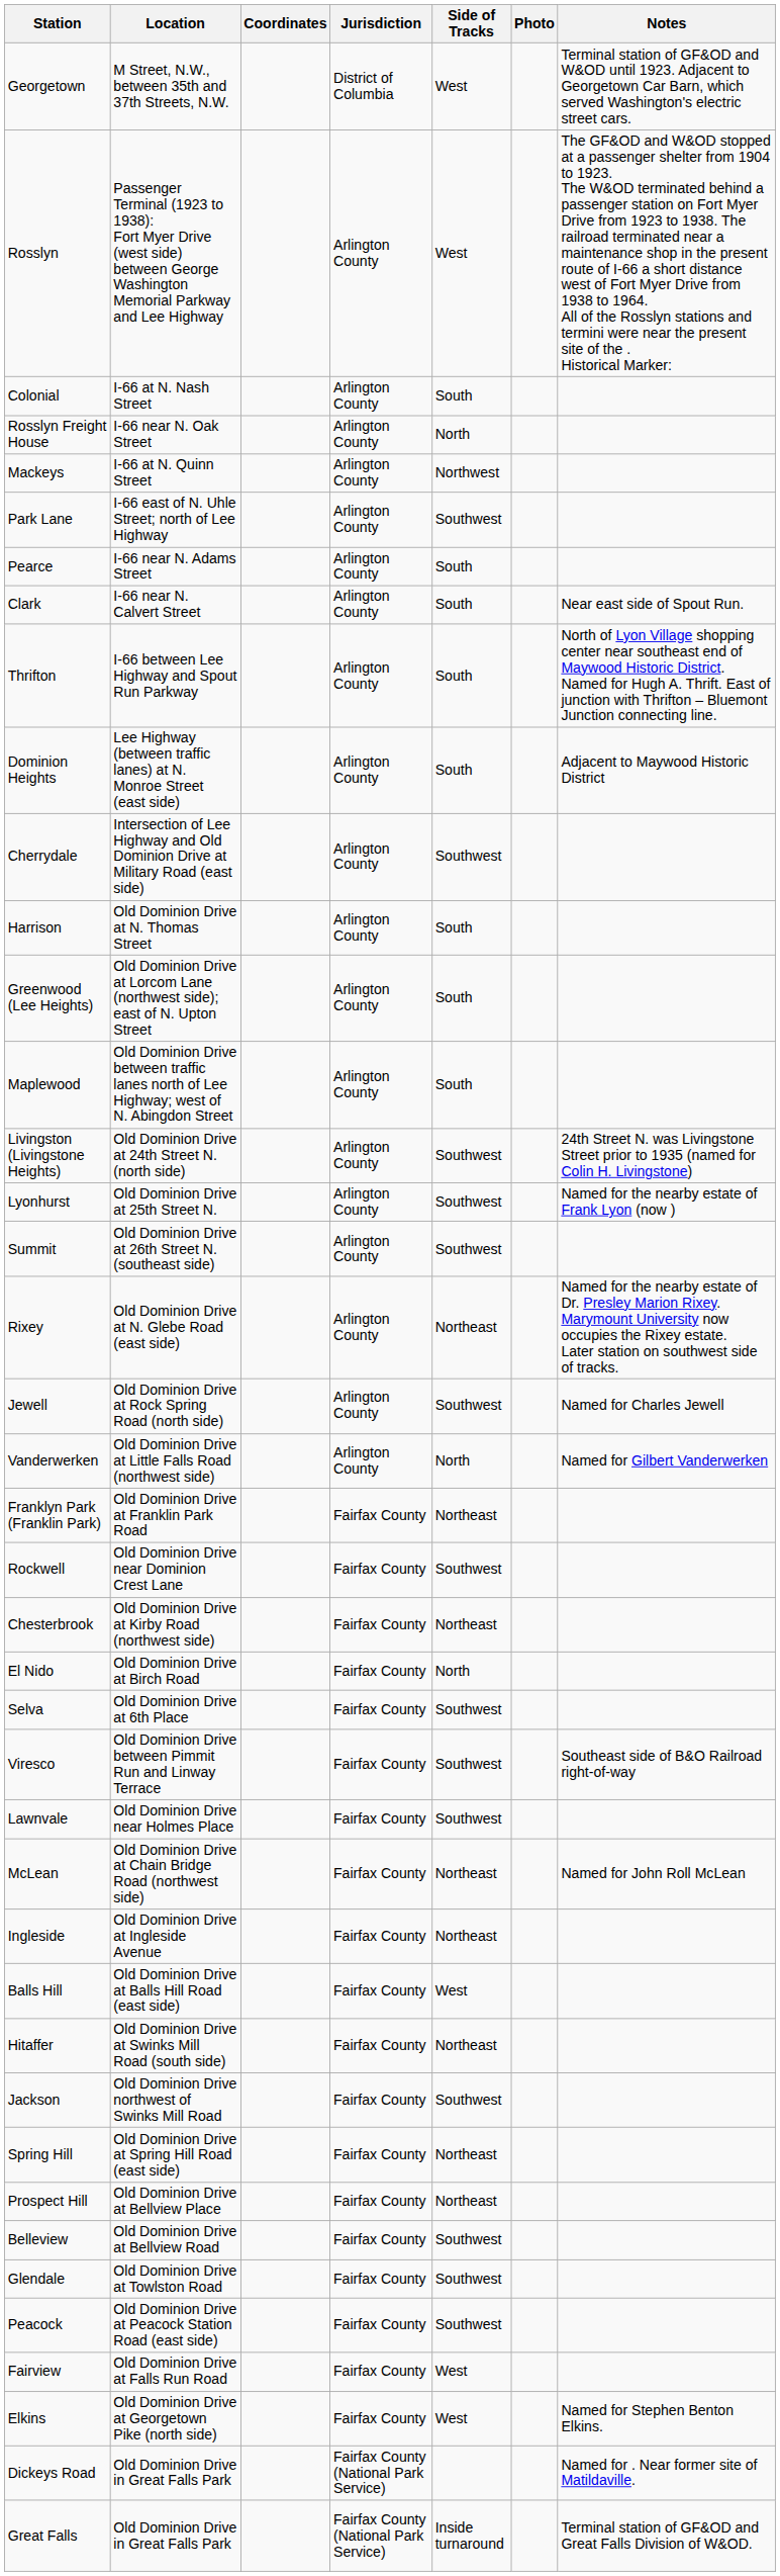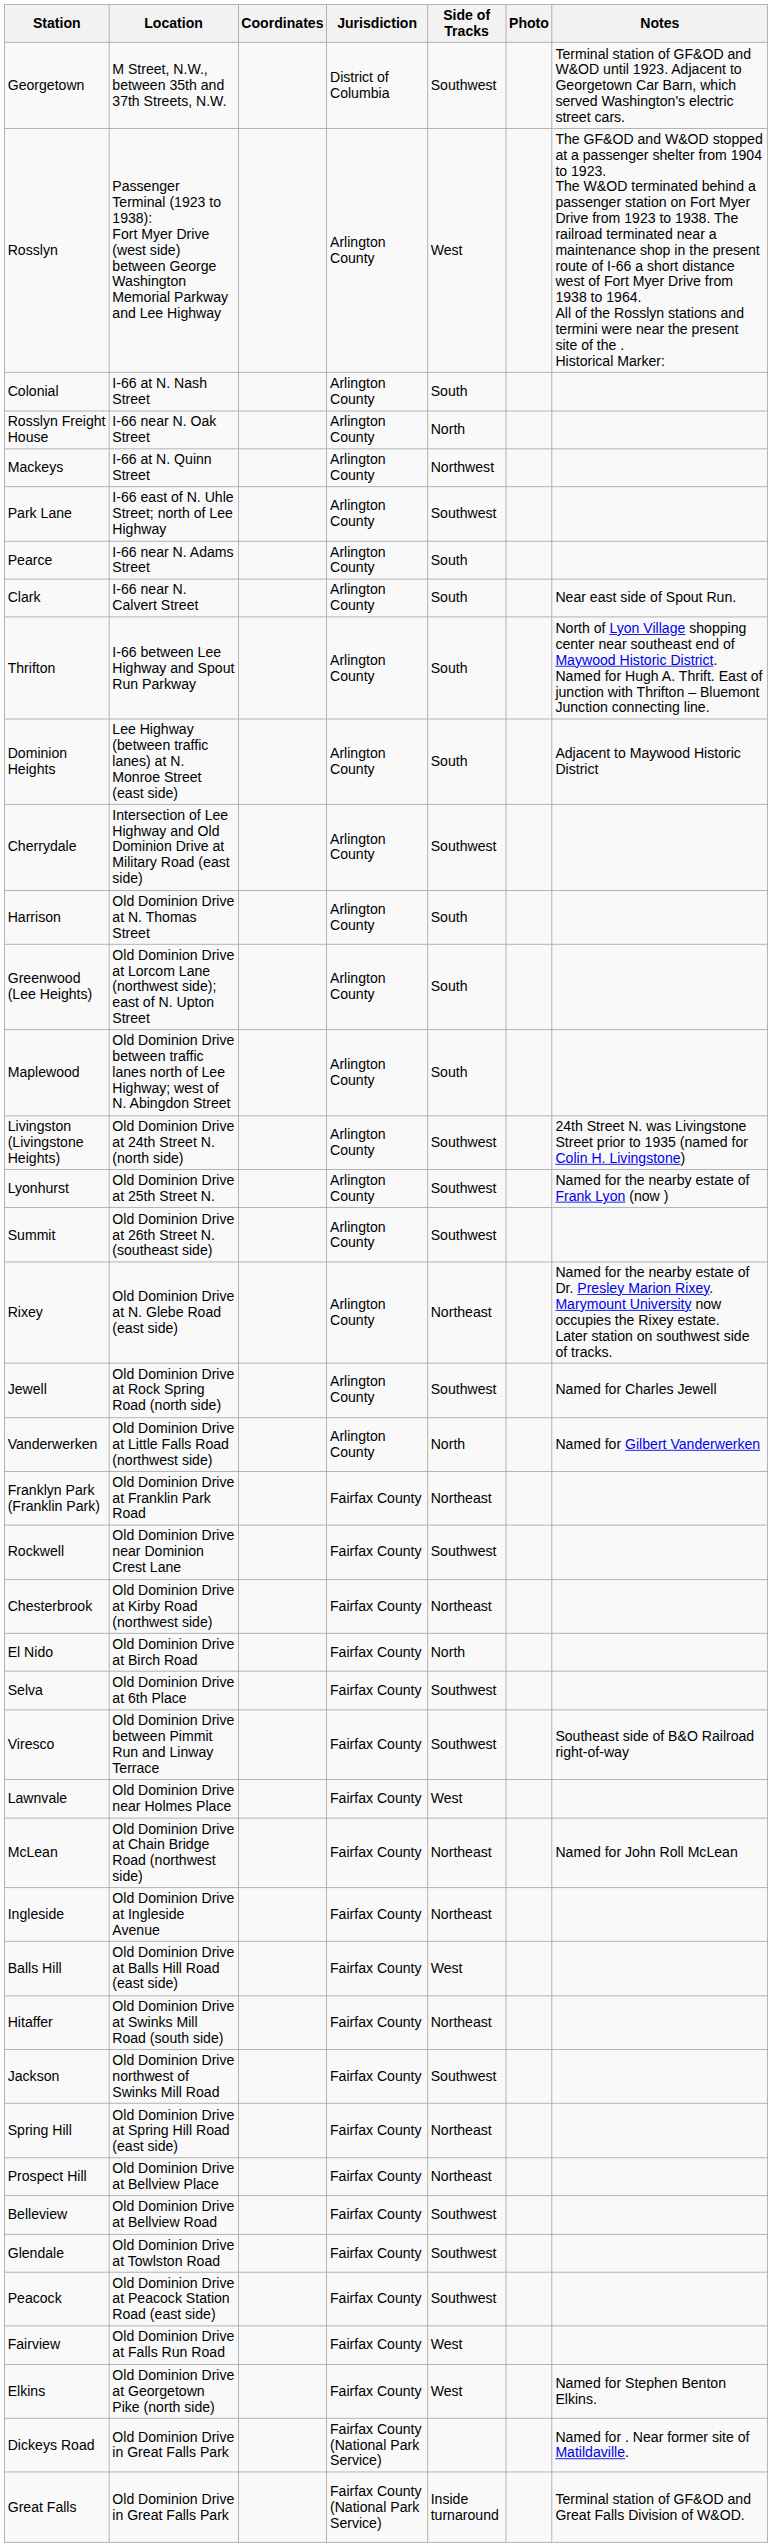 <table class="wikitable">
 <tr>
 <th>Station</th>
 <th>Location</th>
 <th>Coordinates</th>
 <th>Jurisdiction</th>
 <th>Side of Tracks</th>
 <th>Photo</th>
 <th>Notes</th>
 </tr>
 <tr>
 <td>Georgetown</td>
 <td>M Street, N.W., between 35th and 37th Streets, N.W.</td>
 <td></td>
 <td>District of Columbia</td>
-<td>West</td>
+<td>Southwest</td>
 <td></td>
 <td>Terminal station of GF&OD and W&OD until 1923. Adjacent to Georgetown Car Barn, which served Washington's electric street cars.</td>
 </tr>
 <tr>
 <td>Rosslyn</td>
 <td>Passenger Terminal (1923 to 1938):<br>Fort Myer Drive (west side) between George Washington Memorial Parkway and Lee Highway</td>
 <td></td>
 <td>Arlington County</td>
 <td>West</td>
 <td><br><br></td>
 <td>The GF&OD and W&OD stopped at a passenger shelter from 1904 to 1923.<br>The W&OD terminated behind a passenger station on Fort Myer Drive from 1923 to 1938. The railroad terminated near a maintenance shop in the present route of I-66 a short distance west of Fort Myer Drive from 1938 to 1964.<br> All of the Rosslyn stations and termini were near the present site of the  .<br>Historical Marker: </td>
 </tr>
 <tr>
 <td>Colonial</td>
 <td>I-66 at N. Nash Street</td>
 <td></td>
 <td>Arlington County</td>
 <td>South</td>
 <td></td>
 <td></td>
 </tr>
 <tr>
 <td>Rosslyn Freight House</td>
 <td>I-66 near N. Oak Street</td>
 <td></td>
 <td>Arlington County</td>
 <td>North</td>
 <td><br></td>
 <td></td>
 </tr>
 <tr>
 <td>Mackeys</td>
 <td>I-66 at N. Quinn Street</td>
 <td></td>
 <td>Arlington County</td>
 <td>Northwest</td>
 <td></td>
 <td></td>
 </tr>
 <tr>
 <td>Park Lane</td>
 <td>I-66 east of N. Uhle Street; north of Lee Highway</td>
 <td></td>
 <td>Arlington County</td>
 <td>Southwest</td>
 <td></td>
 <td></td>
 </tr>
 <tr>
 <td>Pearce</td>
 <td>I-66 near N. Adams Street</td>
 <td></td>
 <td>Arlington County</td>
 <td>South</td>
 <td></td>
 <td></td>
 </tr>
 <tr>
 <td>Clark</td>
 <td>I-66 near N. Calvert Street</td>
 <td></td>
 <td>Arlington County</td>
 <td>South</td>
 <td></td>
 <td>Near east side of Spout Run.</td>
 </tr>
 <tr>
 <td>Thrifton</td>
 <td>I-66 between Lee Highway and Spout Run Parkway</td>
 <td></td>
 <td>Arlington County</td>
 <td>South</td>
 <td></td>
 <td>North of <a href='#'>Lyon Village</a> shopping center near southeast end of <a href='#'>Maywood Historic District</a>. Named for Hugh A. Thrift. East of junction with Thrifton – Bluemont Junction connecting line.</td>
 </tr>
 <tr>
 <td>Dominion Heights</td>
 <td>Lee Highway (between traffic lanes) at N. Monroe Street (east side)</td>
 <td></td>
 <td>Arlington County</td>
 <td>South</td>
 <td></td>
 <td>Adjacent to Maywood Historic District</td>
 </tr>
 <tr>
 <td>Cherrydale</td>
 <td>Intersection of Lee Highway and Old Dominion Drive at Military Road (east side)</td>
 <td></td>
 <td>Arlington County</td>
 <td>Southwest</td>
 <td></td>
 <td></td>
 </tr>
 <tr>
 <td>Harrison</td>
 <td>Old Dominion Drive at N. Thomas Street</td>
 <td></td>
 <td>Arlington County</td>
 <td>South</td>
 <td></td>
 <td></td>
 </tr>
 <tr>
 <td>Greenwood<br>(Lee Heights)</td>
 <td>Old Dominion Drive at Lorcom Lane (northwest side); east of N. Upton Street</td>
 <td></td>
 <td>Arlington County</td>
 <td>South</td>
 <td></td>
 <td></td>
 </tr>
 <tr>
 <td>Maplewood</td>
 <td>Old Dominion Drive between traffic lanes north of Lee Highway; west of N. Abingdon Street</td>
 <td></td>
 <td>Arlington County</td>
 <td>South</td>
 <td></td>
 <td></td>
 </tr>
 <tr>
 <td>Livingston<br>(Livingstone Heights)</td>
 <td>Old Dominion Drive at 24th Street N. (north side)</td>
 <td></td>
 <td>Arlington County</td>
 <td>Southwest</td>
 <td></td>
 <td>24th Street N. was Livingstone Street prior to 1935 (named for <a href='#'>Colin H. Livingstone</a>)</td>
 </tr>
 <tr>
 <td>Lyonhurst</td>
 <td>Old Dominion Drive at 25th Street N.</td>
 <td></td>
 <td>Arlington County</td>
 <td>Southwest</td>
 <td></td>
 <td>Named for the nearby estate of <a href='#'>Frank Lyon</a> (now )</td>
 </tr>
 <tr>
 <td>Summit</td>
 <td>Old Dominion Drive at 26th Street N. (southeast side)</td>
 <td></td>
 <td>Arlington County</td>
 <td>Southwest</td>
 <td></td>
 <td></td>
 </tr>
 <tr>
 <td>Rixey</td>
 <td>Old Dominion Drive at N. Glebe Road (east side)</td>
 <td></td>
 <td>Arlington County</td>
 <td>Northeast</td>
 <td></td>
 <td>Named for the nearby estate of Dr. <a href='#'>Presley Marion Rixey</a>.<br><a href='#'>Marymount University</a> now occupies the Rixey estate.<br>Later station on southwest side of tracks.</td>
 </tr>
 <tr>
 <td>Jewell</td>
 <td>Old Dominion Drive at Rock Spring Road (north side)</td>
 <td></td>
 <td>Arlington County</td>
 <td>Southwest</td>
 <td></td>
 <td>Named for Charles Jewell</td>
 </tr>
 <tr>
 <td>Vanderwerken</td>
 <td>Old Dominion Drive at Little Falls Road (northwest side)</td>
 <td></td>
 <td>Arlington County</td>
 <td>North</td>
 <td></td>
 <td>Named for <a href='#'>Gilbert Vanderwerken</a></td>
 </tr>
 <tr>
 <td>Franklyn Park (Franklin Park)</td>
 <td>Old Dominion Drive at Franklin Park Road</td>
 <td></td>
 <td>Fairfax County</td>
 <td>Northeast</td>
 <td><br><br></td>
 <td></td>
 </tr>
 <tr>
 <td>Rockwell</td>
 <td>Old Dominion Drive near Dominion Crest Lane</td>
 <td></td>
 <td>Fairfax County</td>
 <td>Southwest</td>
 <td></td>
 <td></td>
 </tr>
 <tr>
 <td>Chesterbrook</td>
 <td>Old Dominion Drive at Kirby Road (northwest side)</td>
 <td></td>
 <td>Fairfax County</td>
 <td>Northeast</td>
 <td></td>
 <td></td>
 </tr>
 <tr>
 <td>El Nido</td>
 <td>Old Dominion Drive at Birch Road</td>
 <td></td>
 <td>Fairfax County</td>
 <td>North</td>
 <td></td>
 <td></td>
 </tr>
 <tr>
 <td>Selva</td>
 <td>Old Dominion Drive at 6th Place</td>
 <td></td>
 <td>Fairfax County</td>
 <td>Southwest</td>
 <td></td>
 <td></td>
 </tr>
 <tr>
 <td>Viresco</td>
 <td>Old Dominion Drive between Pimmit Run and Linway Terrace</td>
 <td></td>
 <td>Fairfax County</td>
 <td>Southwest</td>
 <td></td>
 <td>Southeast side of B&O Railroad right-of-way</td>
 </tr>
 <tr>
 <td>Lawnvale</td>
 <td>Old Dominion Drive near Holmes Place</td>
 <td></td>
 <td>Fairfax County</td>
-<td>Southwest</td>
+<td>West</td>
 <td></td>
 <td></td>
 </tr>
 <tr>
 <td>McLean</td>
 <td>Old Dominion Drive at Chain Bridge Road (northwest side)</td>
 <td></td>
 <td>Fairfax County</td>
 <td>Northeast</td>
 <td></td>
 <td>Named for John Roll McLean</td>
 </tr>
 <tr>
 <td>Ingleside</td>
 <td>Old Dominion Drive at Ingleside Avenue</td>
 <td></td>
 <td>Fairfax County</td>
 <td>Northeast</td>
 <td></td>
 <td></td>
 </tr>
 <tr>
 <td>Balls Hill</td>
 <td>Old Dominion Drive at Balls Hill Road (east side)</td>
 <td></td>
 <td>Fairfax County</td>
 <td>West</td>
 <td></td>
 <td></td>
 </tr>
 <tr>
 <td>Hitaffer</td>
 <td>Old Dominion Drive at Swinks Mill Road (south side)</td>
 <td></td>
 <td>Fairfax County</td>
 <td>Northeast</td>
 <td></td>
 <td></td>
 </tr>
 <tr>
 <td>Jackson</td>
 <td>Old Dominion Drive northwest of Swinks Mill Road</td>
 <td></td>
 <td>Fairfax County</td>
 <td>Southwest</td>
 <td></td>
 <td></td>
 </tr>
 <tr>
 <td>Spring Hill</td>
 <td>Old Dominion Drive at Spring Hill Road (east side)</td>
 <td></td>
 <td>Fairfax County</td>
 <td>Northeast</td>
 <td></td>
 <td></td>
 </tr>
 <tr>
 <td>Prospect Hill</td>
 <td>Old Dominion Drive at Bellview Place</td>
 <td></td>
 <td>Fairfax County</td>
 <td>Northeast</td>
 <td></td>
 <td></td>
 </tr>
 <tr>
 <td>Belleview</td>
 <td>Old Dominion Drive at Bellview Road</td>
 <td></td>
 <td>Fairfax County</td>
 <td>Southwest</td>
 <td></td>
 <td></td>
 </tr>
 <tr>
 <td>Glendale</td>
 <td>Old Dominion Drive at Towlston Road</td>
 <td></td>
 <td>Fairfax County</td>
 <td>Southwest</td>
 <td></td>
 <td></td>
 </tr>
 <tr>
 <td>Peacock</td>
 <td>Old Dominion Drive at Peacock Station Road (east side)</td>
 <td></td>
 <td>Fairfax County</td>
 <td>Southwest</td>
 <td></td>
 <td></td>
 </tr>
 <tr>
 <td>Fairview</td>
 <td>Old Dominion Drive at Falls Run Road</td>
 <td></td>
 <td>Fairfax County</td>
 <td>West</td>
 <td></td>
 <td></td>
 </tr>
 <tr>
 <td>Elkins</td>
 <td>Old Dominion Drive at Georgetown Pike (north side)</td>
 <td></td>
 <td>Fairfax County</td>
 <td>West</td>
 <td><br></td>
 <td>Named for Stephen Benton Elkins.</td>
 </tr>
 <tr>
 <td>Dickeys Road</td>
 <td>Old Dominion Drive in Great Falls Park</td>
 <td></td>
 <td>Fairfax County (National Park Service)</td>
 <td></td>
 <td></td>
 <td>Named for . Near former site of <a href='#'>Matildaville</a>.</td>
 </tr>
 <tr>
 <td>Great Falls</td>
 <td>Old Dominion Drive in Great Falls Park</td>
 <td></td>
 <td>Fairfax County (National Park Service)</td>
 <td>Inside turnaround</td>
 <td><br><br><br> <br></td>
 <td>Terminal station of GF&OD and Great Falls Division of W&OD.</td>
 </tr>
 </table>
